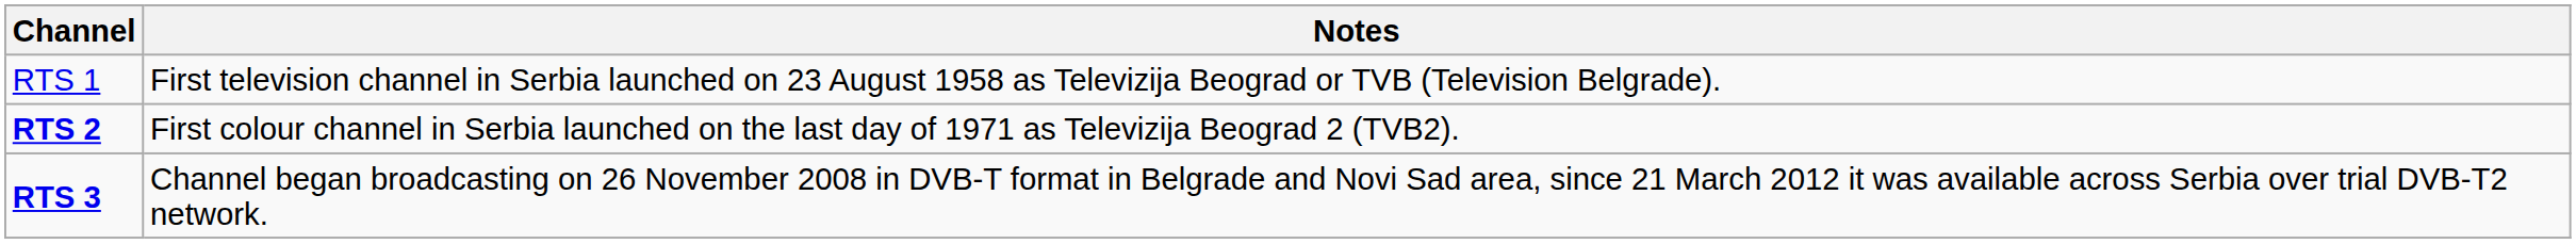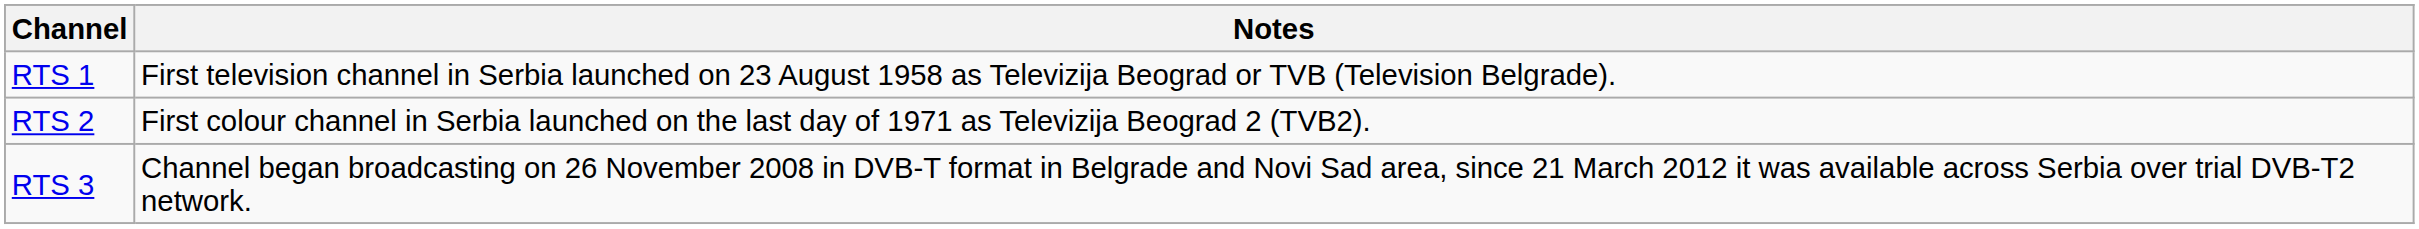 <table class="wikitable" style="font-size: 95%">
 <tr>
 <th>Channel</th>
 <th>Notes</th>
 </tr>
 <tr>
 <td><a href='#'>RTS 1</a></td>
 <td>First television channel in Serbia launched on 23 August 1958 as Televizija Beograd or TVB (Television Belgrade).</td>
 </tr>
 <tr>
-<td><strong><a href='#'>RTS 2</a></strong></td>
+<td><a href='#'>RTS 2</a></td>
 <td>First colour channel in Serbia launched on the last day of 1971 as Televizija Beograd 2 (TVB2).</td>
 </tr>
 <tr>
-<td><strong><a href='#'>RTS 3</a></strong></td>
+<td><a href='#'>RTS 3</a></td>
 <td>Channel began broadcasting on 26 November 2008 in DVB-T format in Belgrade and Novi Sad area, since 21 March 2012 it was available across Serbia over trial DVB-T2 network.</td>
 </tr>
 </table>
